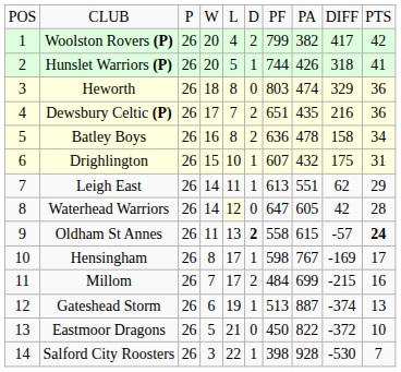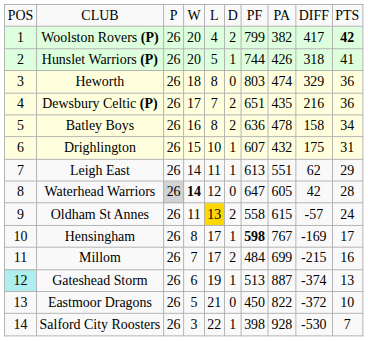 <table class="wikitable" style="text-align: center;">
 <tr>
 <td>POS</td>
 <td>CLUB</td>
 <td>P</td>
 <td>W</td>
 <td>L</td>
 <td>D</td>
 <td>PF</td>
 <td>PA</td>
 <td>DIFF</td>
 <td>PTS</td>
 </tr>
 <tr style="background:#ddffdd;">
 <td>1</td>
 <td>Woolston Rovers <strong>(P)</strong></td>
 <td>26</td>
 <td>20</td>
 <td>4</td>
 <td>2</td>
 <td>799</td>
 <td>382</td>
 <td>417</td>
-<td>42</td>
+<td><strong>42</strong></td>
 </tr>
 <tr style="background:#ddffdd;">
 <td>2</td>
 <td>Hunslet Warriors <strong>(P)</strong></td>
 <td>26</td>
 <td>20</td>
 <td>5</td>
 <td>1</td>
 <td>744</td>
 <td>426</td>
 <td>318</td>
 <td>41</td>
 </tr>
 <tr style="background:#ffffdd;">
 <td>3</td>
 <td>Heworth</td>
 <td>26</td>
 <td>18</td>
 <td>8</td>
 <td>0</td>
 <td>803</td>
 <td>474</td>
 <td>329</td>
 <td>36</td>
 </tr>
 <tr style="background:#ffffdd;">
 <td>4</td>
 <td>Dewsbury Celtic <strong>(P)</strong></td>
 <td>26</td>
 <td>17</td>
 <td>7</td>
 <td>2</td>
 <td>651</td>
 <td>435</td>
 <td>216</td>
 <td>36</td>
 </tr>
 <tr style="background:#ffffdd;">
 <td>5</td>
 <td>Batley Boys</td>
 <td>26</td>
 <td>16</td>
 <td>8</td>
 <td>2</td>
 <td>636</td>
 <td>478</td>
 <td>158</td>
 <td>34</td>
 </tr>
 <tr style="background:#ffffdd;">
 <td>6</td>
 <td>Drighlington</td>
 <td>26</td>
 <td>15</td>
 <td>10</td>
 <td>1</td>
 <td>607</td>
 <td>432</td>
 <td>175</td>
 <td>31</td>
 </tr>
 <tr>
 <td>7</td>
 <td>Leigh East</td>
 <td>26</td>
 <td>14</td>
 <td>11</td>
 <td>1</td>
 <td>613</td>
 <td>551</td>
 <td>62</td>
 <td>29</td>
 </tr>
 <tr>
 <td>8</td>
 <td>Waterhead Warriors</td>
-<td>26</td>
-<td>14</td>
-<td style="background: lightyellow;">12</td>
+<td style="background: lightgrey;">26</td>
+<td><strong>14</strong></td>
+<td>12</td>
 <td>0</td>
 <td>647</td>
 <td>605</td>
 <td>42</td>
 <td>28</td>
 </tr>
 <tr>
 <td>9</td>
 <td>Oldham St Annes</td>
 <td>26</td>
 <td>11</td>
-<td>13</td>
-<td><strong>2</strong></td>
+<td style="background: gold;">13</td>
+<td>2</td>
 <td>558</td>
 <td>615</td>
 <td>-57</td>
-<td><strong>24</strong></td>
+<td>24</td>
 </tr>
 <tr>
 <td>10</td>
 <td>Hensingham</td>
 <td>26</td>
 <td>8</td>
 <td>17</td>
 <td>1</td>
-<td>598</td>
+<td><strong>598</strong></td>
 <td>767</td>
 <td>-169</td>
 <td>17</td>
 </tr>
 <tr>
 <td>11</td>
 <td>Millom</td>
 <td>26</td>
 <td>7</td>
 <td>17</td>
 <td>2</td>
 <td>484</td>
 <td>699</td>
 <td>-215</td>
 <td>16</td>
 </tr>
 <tr>
-<td>12</td>
+<td style="background: paleturquoise;">12</td>
 <td>Gateshead Storm</td>
 <td>26</td>
 <td>6</td>
 <td>19</td>
 <td>1</td>
 <td>513</td>
 <td>887</td>
 <td>-374</td>
 <td>13</td>
 </tr>
 <tr>
 <td>13</td>
 <td>Eastmoor Dragons</td>
 <td>26</td>
 <td>5</td>
 <td>21</td>
 <td>0</td>
 <td>450</td>
 <td>822</td>
 <td>-372</td>
 <td>10</td>
 </tr>
 <tr>
 <td>14</td>
 <td>Salford City Roosters</td>
 <td>26</td>
 <td>3</td>
 <td>22</td>
 <td>1</td>
 <td>398</td>
 <td>928</td>
 <td>-530</td>
 <td>7</td>
 </tr>
 </table>
